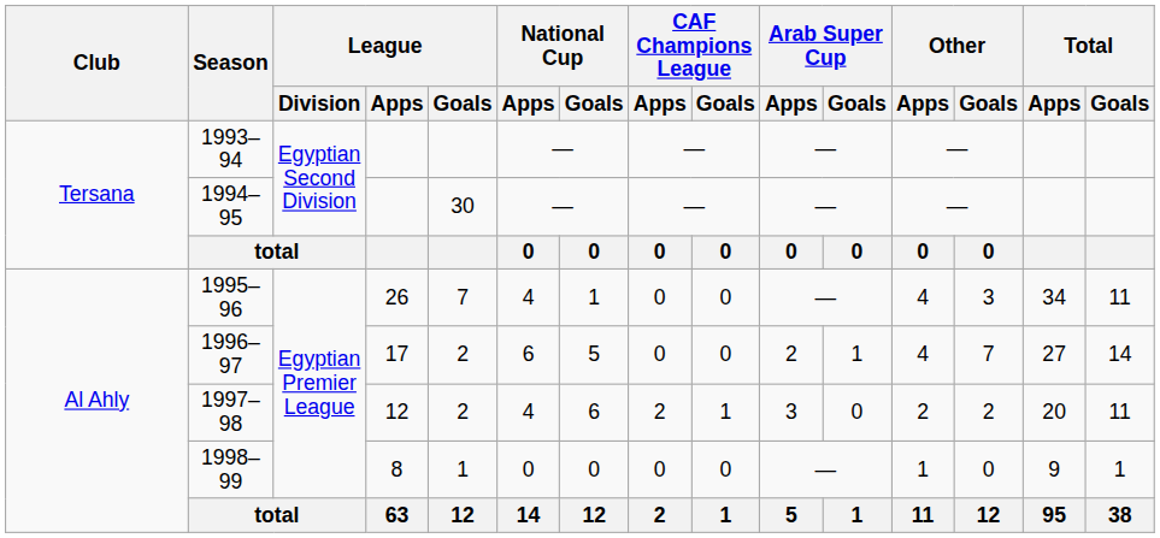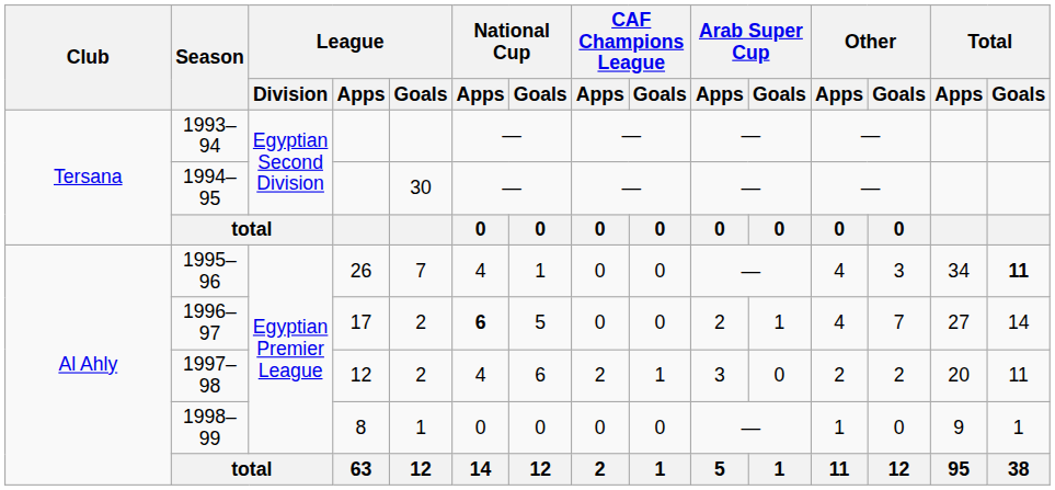 <table class="wikitable" style="text-align:center">
 <tr>
 <th rowspan=2 style="width: 100pt;">Club</th>
 <th rowspan=2>Season</th>
 <th colspan=3 style="width: 150pt;">League</th>
 <th colspan=2>National Cup</th>
 <th colspan=2><a href='#'>CAF Champions League</a></th>
 <th colspan=2><a href='#'>Arab Super Cup</a></th>
 <th colspan=2>Other</th>
 <th colspan=2>Total</th>
 </tr>
 <tr>
 <th>Division</th>
 <th>Apps</th>
 <th>Goals</th>
 <th>Apps</th>
 <th>Goals</th>
 <th>Apps</th>
 <th>Goals</th>
 <th>Apps</th>
 <th>Goals</th>
 <th>Apps</th>
 <th>Goals</th>
 <th>Apps</th>
 <th>Goals</th>
 </tr>
 <tr>
 <td rowspan=3><a href='#'>Tersana</a></td>
 <td>1993–94</td>
 <td rowspan=2><a href='#'>Egyptian Second Division</a></td>
 <td></td>
 <td></td>
 <td colspan="2">—</td>
 <td colspan="2">—</td>
 <td colspan="2">—</td>
 <td colspan="2">—</td>
 <td></td>
 <td></td>
 </tr>
 <tr>
 <td>1994–95</td>
 <td></td>
 <td>30</td>
 <td colspan="2">—</td>
 <td colspan="2">—</td>
 <td colspan="2">—</td>
 <td colspan="2">—</td>
 <td></td>
 <td></td>
 </tr>
 <tr>
 <th colspan=2>total</th>
 <th></th>
 <th></th>
 <th>0</th>
 <th>0</th>
 <th>0</th>
 <th>0</th>
 <th>0</th>
 <th>0</th>
 <th>0</th>
 <th>0</th>
 <th></th>
 <th></th>
 </tr>
 <tr>
 <td rowspan=5><a href='#'>Al Ahly</a></td>
 <td>1995–96</td>
 <td rowspan=4><a href='#'>Egyptian Premier League</a></td>
 <td>26</td>
 <td>7</td>
 <td>4</td>
 <td>1</td>
 <td>0</td>
 <td>0</td>
 <td colspan="2">—</td>
 <td>4</td>
 <td>3</td>
 <td>34</td>
-<td>11</td>
+<td><strong>11</strong></td>
 </tr>
 <tr>
 <td>1996–97</td>
 <td>17</td>
 <td>2</td>
-<td>6</td>
+<td><strong>6</strong></td>
 <td>5</td>
 <td>0</td>
 <td>0</td>
 <td>2</td>
 <td>1</td>
 <td>4</td>
 <td>7</td>
 <td>27</td>
 <td>14</td>
 </tr>
 <tr>
 <td>1997–98</td>
 <td>12</td>
 <td>2</td>
 <td>4</td>
 <td>6</td>
 <td>2</td>
 <td>1</td>
 <td>3</td>
 <td>0</td>
 <td>2</td>
 <td>2</td>
 <td>20</td>
 <td>11</td>
 </tr>
 <tr>
 <td>1998–99</td>
 <td>8</td>
 <td>1</td>
 <td>0</td>
 <td>0</td>
 <td>0</td>
 <td>0</td>
 <td colspan="2">—</td>
 <td>1</td>
 <td>0</td>
 <td>9</td>
 <td>1</td>
 </tr>
 <tr>
 <th colspan=2>total</th>
 <th>63</th>
 <th>12</th>
 <th>14</th>
 <th>12</th>
 <th>2</th>
 <th>1</th>
 <th>5</th>
 <th>1</th>
 <th>11</th>
 <th>12</th>
 <th>95</th>
 <th>38</th>
 </tr>
 </table>
